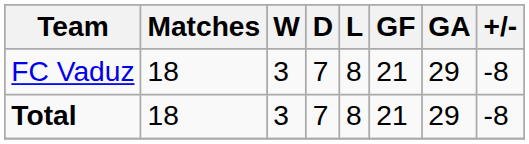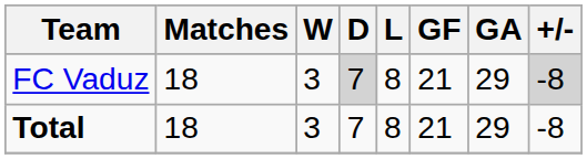 <table class="wikitable">
 <tr>
 <th>Team</th>
 <th>Matches</th>
 <th>W</th>
 <th>D</th>
 <th>L</th>
 <th>GF</th>
 <th>GA</th>
 <th>+/-</th>
 </tr>
 <tr>
 <td><a href='#'>FC Vaduz</a></td>
 <td>18</td>
 <td>3</td>
-<td>7</td>
+<td style="background: lightgrey;">7</td>
 <td>8</td>
 <td>21</td>
 <td>29</td>
-<td>-8</td>
+<td style="background: lightgrey;">-8</td>
 </tr>
 <tr>
 <td><strong>Total</strong></td>
 <td>18</td>
 <td>3</td>
 <td>7</td>
 <td>8</td>
 <td>21</td>
 <td>29</td>
 <td>-8</td>
 </tr>
 <tr>
 </tr>
 </table>
